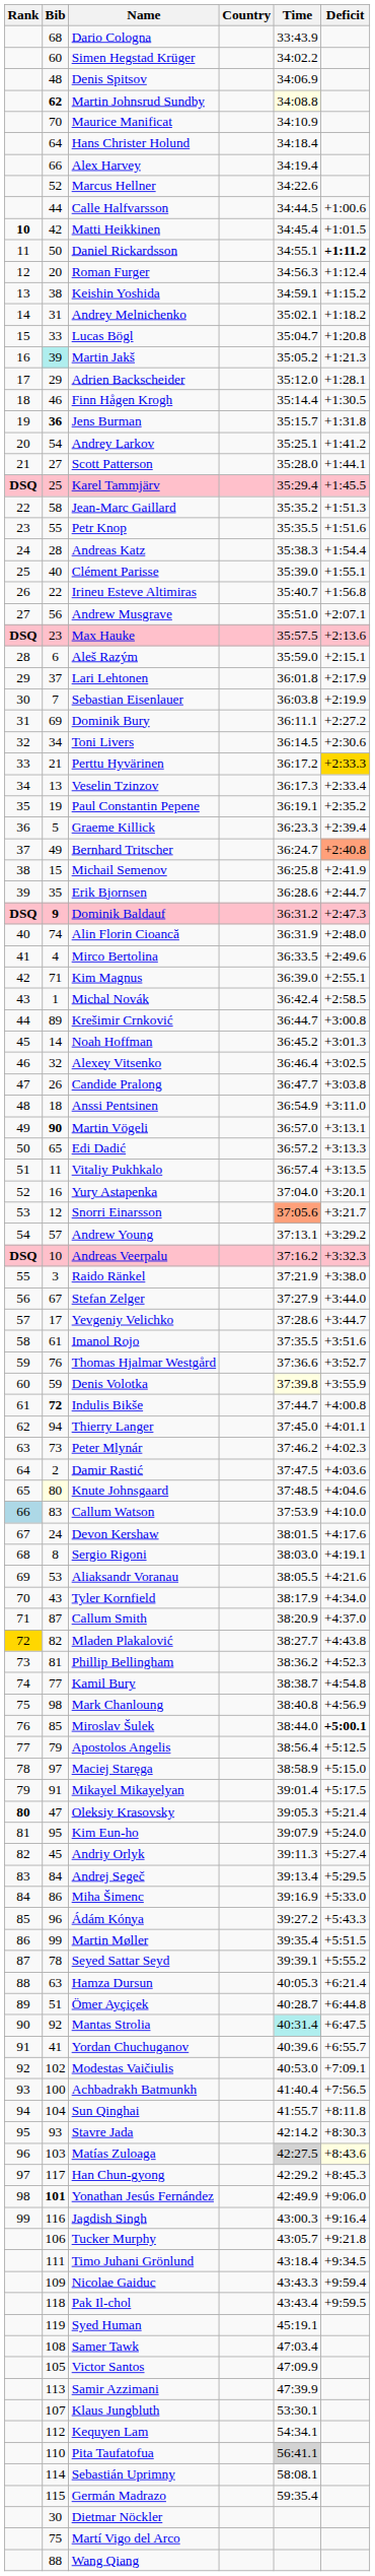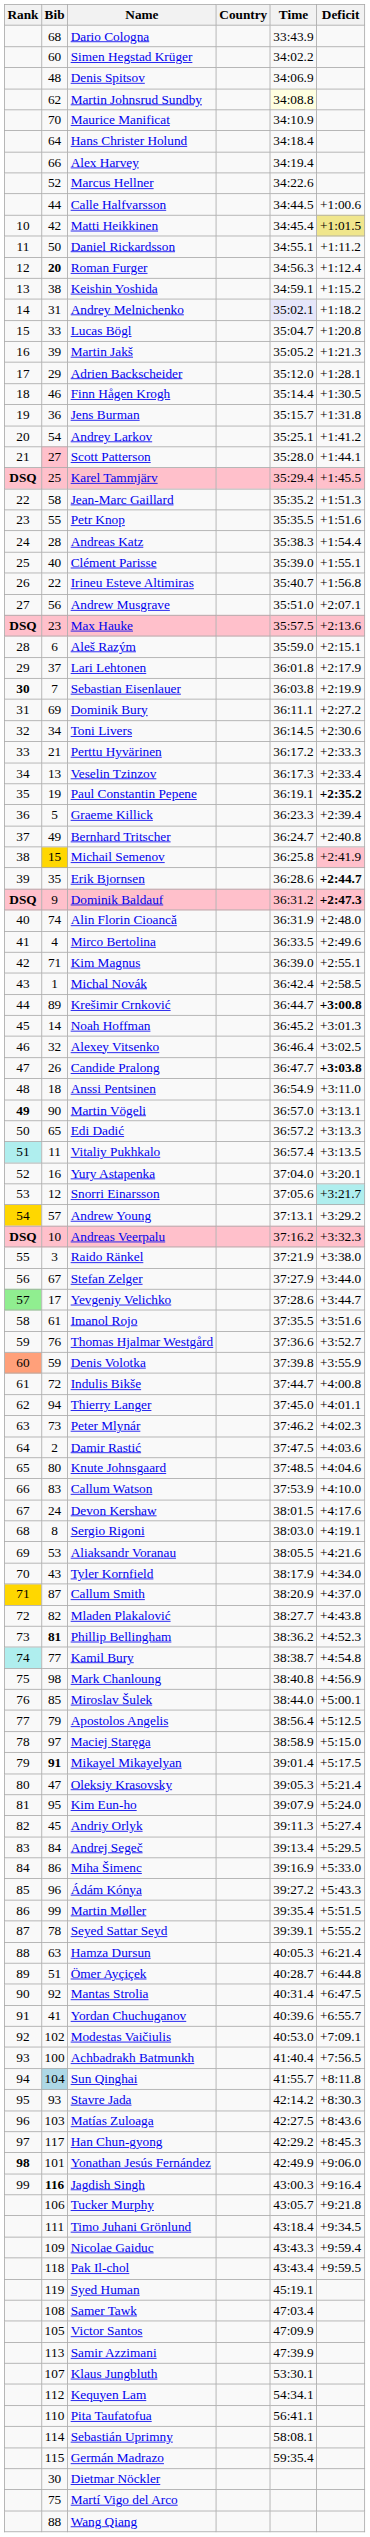 <table class="wikitable sortable" style="text-align:center">
 <tr>
 <th>Rank</th>
 <th>Bib</th>
 <th>Name</th>
 <th>Country</th>
 <th>Time</th>
 <th>Deficit</th>
 </tr>
 <tr>
 <td></td>
 <td>68</td>
 <td align="left"><a href='#'>Dario Cologna</a></td>
 <td align="left"></td>
 <td>33:43.9</td>
 <td></td>
 </tr>
 <tr>
 <td></td>
 <td>60</td>
 <td align="left"><a href='#'>Simen Hegstad Krüger</a></td>
 <td align="left"></td>
 <td>34:02.2</td>
 <td></td>
 </tr>
 <tr>
 <td></td>
 <td>48</td>
 <td align="left"><a href='#'>Denis Spitsov</a></td>
 <td align="left"></td>
 <td>34:06.9</td>
 <td></td>
 </tr>
 <tr>
 <td></td>
-<td><strong>62</strong></td>
+<td>62</td>
 <td align="left"><a href='#'>Martin Johnsrud Sundby</a></td>
 <td align="left"></td>
 <td style="background: lightyellow;">34:08.8</td>
 <td></td>
 </tr>
 <tr>
 <td></td>
 <td>70</td>
 <td align="left"><a href='#'>Maurice Manificat</a></td>
 <td align="left"></td>
 <td>34:10.9</td>
 <td></td>
 </tr>
 <tr>
 <td></td>
 <td>64</td>
 <td align="left"><a href='#'>Hans Christer Holund</a></td>
 <td align="left"></td>
 <td>34:18.4</td>
 <td></td>
 </tr>
 <tr>
 <td></td>
 <td>66</td>
 <td align="left"><a href='#'>Alex Harvey</a></td>
 <td align="left"></td>
 <td>34:19.4</td>
 <td></td>
 </tr>
 <tr>
 <td></td>
 <td>52</td>
 <td align="left"><a href='#'>Marcus Hellner</a></td>
 <td align="left"></td>
 <td>34:22.6</td>
 <td></td>
 </tr>
 <tr>
 <td></td>
 <td>44</td>
 <td align="left"><a href='#'>Calle Halfvarsson</a></td>
 <td align="left"></td>
 <td>34:44.5</td>
 <td>+1:00.6</td>
 </tr>
 <tr>
-<td><strong>10</strong></td>
+<td>10</td>
 <td>42</td>
 <td align="left"><a href='#'>Matti Heikkinen</a></td>
 <td align="left"></td>
 <td>34:45.4</td>
-<td>+1:01.5</td>
+<td style="background: khaki;">+1:01.5</td>
 </tr>
 <tr>
 <td>11</td>
 <td>50</td>
 <td align="left"><a href='#'>Daniel Rickardsson</a></td>
 <td align="left"></td>
 <td>34:55.1</td>
-<td><strong>+1:11.2</strong></td>
+<td>+1:11.2</td>
 </tr>
 <tr>
 <td>12</td>
-<td>20</td>
+<td><strong>20</strong></td>
 <td align="left"><a href='#'>Roman Furger</a></td>
 <td align="left"></td>
 <td>34:56.3</td>
 <td>+1:12.4</td>
 </tr>
 <tr>
 <td>13</td>
 <td>38</td>
 <td align="left"><a href='#'>Keishin Yoshida</a></td>
 <td align="left"></td>
 <td>34:59.1</td>
 <td>+1:15.2</td>
 </tr>
 <tr>
 <td>14</td>
 <td>31</td>
 <td align="left"><a href='#'>Andrey Melnichenko</a></td>
 <td align="left"></td>
-<td>35:02.1</td>
+<td style="background: lavender;">35:02.1</td>
 <td>+1:18.2</td>
 </tr>
 <tr>
 <td>15</td>
 <td>33</td>
 <td align="left"><a href='#'>Lucas Bögl</a></td>
 <td align="left"></td>
 <td>35:04.7</td>
 <td>+1:20.8</td>
 </tr>
 <tr>
 <td>16</td>
-<td style="background: paleturquoise;">39</td>
+<td>39</td>
 <td align="left"><a href='#'>Martin Jakš</a></td>
 <td align="left"></td>
 <td>35:05.2</td>
 <td>+1:21.3</td>
 </tr>
 <tr>
 <td>17</td>
 <td>29</td>
 <td align="left"><a href='#'>Adrien Backscheider</a></td>
 <td align="left"></td>
 <td>35:12.0</td>
 <td>+1:28.1</td>
 </tr>
 <tr>
 <td>18</td>
 <td>46</td>
 <td align="left"><a href='#'>Finn Hågen Krogh</a></td>
 <td align="left"></td>
 <td>35:14.4</td>
 <td>+1:30.5</td>
 </tr>
 <tr>
 <td>19</td>
-<td><strong>36</strong></td>
+<td>36</td>
 <td align="left"><a href='#'>Jens Burman</a></td>
 <td align="left"></td>
 <td>35:15.7</td>
 <td>+1:31.8</td>
 </tr>
 <tr>
 <td>20</td>
 <td>54</td>
 <td align="left"><a href='#'>Andrey Larkov</a></td>
 <td align="left"></td>
 <td>35:25.1</td>
 <td>+1:41.2</td>
 </tr>
 <tr>
 <td>21</td>
-<td>27</td>
+<td style="background: pink;">27</td>
 <td align="left"><a href='#'>Scott Patterson</a></td>
 <td align="left"></td>
 <td>35:28.0</td>
 <td>+1:44.1</td>
 </tr>
 <tr bgcolor=pink>
 <td><strong>DSQ</strong></td>
 <td>25</td>
 <td align="left"><a href='#'>Karel Tammjärv</a></td>
 <td align="left"></td>
 <td>35:29.4</td>
 <td>+1:45.5</td>
 </tr>
 <tr>
 <td>22</td>
 <td>58</td>
 <td align="left"><a href='#'>Jean-Marc Gaillard</a></td>
 <td align="left"></td>
 <td>35:35.2</td>
 <td>+1:51.3</td>
 </tr>
 <tr>
 <td>23</td>
 <td>55</td>
 <td align="left"><a href='#'>Petr Knop</a></td>
 <td align="left"></td>
 <td>35:35.5</td>
 <td>+1:51.6</td>
 </tr>
 <tr>
 <td>24</td>
 <td>28</td>
 <td align="left"><a href='#'>Andreas Katz</a></td>
 <td align="left"></td>
 <td>35:38.3</td>
 <td>+1:54.4</td>
 </tr>
 <tr>
 <td>25</td>
 <td>40</td>
 <td align="left"><a href='#'>Clément Parisse</a></td>
 <td align="left"></td>
 <td>35:39.0</td>
 <td>+1:55.1</td>
 </tr>
 <tr>
 <td>26</td>
 <td>22</td>
 <td align="left"><a href='#'>Irineu Esteve Altimiras</a></td>
 <td align="left"></td>
 <td>35:40.7</td>
 <td>+1:56.8</td>
 </tr>
 <tr>
 <td>27</td>
 <td>56</td>
 <td align="left"><a href='#'>Andrew Musgrave</a></td>
 <td align="left"></td>
 <td>35:51.0</td>
 <td>+2:07.1</td>
 </tr>
 <tr bgcolor=pink>
 <td><strong>DSQ</strong></td>
 <td>23</td>
 <td align="left"><a href='#'>Max Hauke</a></td>
 <td align="left"></td>
 <td>35:57.5</td>
 <td>+2:13.6</td>
 </tr>
 <tr>
 <td>28</td>
 <td>6</td>
 <td align="left"><a href='#'>Aleš Razým</a></td>
 <td align="left"></td>
 <td>35:59.0</td>
 <td>+2:15.1</td>
 </tr>
 <tr>
 <td>29</td>
 <td>37</td>
 <td align="left"><a href='#'>Lari Lehtonen</a></td>
 <td align="left"></td>
 <td>36:01.8</td>
 <td>+2:17.9</td>
 </tr>
 <tr>
-<td>30</td>
+<td><strong>30</strong></td>
 <td>7</td>
 <td align="left"><a href='#'>Sebastian Eisenlauer</a></td>
 <td align="left"></td>
 <td>36:03.8</td>
 <td>+2:19.9</td>
 </tr>
 <tr>
 <td>31</td>
 <td>69</td>
 <td align="left"><a href='#'>Dominik Bury</a></td>
 <td align="left"></td>
 <td>36:11.1</td>
 <td>+2:27.2</td>
 </tr>
 <tr>
 <td>32</td>
 <td>34</td>
 <td align="left"><a href='#'>Toni Livers</a></td>
 <td align="left"></td>
 <td>36:14.5</td>
 <td>+2:30.6</td>
 </tr>
 <tr>
 <td>33</td>
 <td>21</td>
 <td align="left"><a href='#'>Perttu Hyvärinen</a></td>
 <td align="left"></td>
 <td>36:17.2</td>
-<td style="background: gold;">+2:33.3</td>
+<td>+2:33.3</td>
 </tr>
 <tr>
 <td>34</td>
 <td>13</td>
 <td align="left"><a href='#'>Veselin Tzinzov</a></td>
 <td align="left"></td>
 <td>36:17.3</td>
 <td>+2:33.4</td>
 </tr>
 <tr>
 <td>35</td>
 <td>19</td>
 <td align="left"><a href='#'>Paul Constantin Pepene</a></td>
 <td align="left"></td>
 <td>36:19.1</td>
-<td>+2:35.2</td>
+<td><strong>+2:35.2</strong></td>
 </tr>
 <tr>
 <td>36</td>
 <td>5</td>
 <td align="left"><a href='#'>Graeme Killick</a></td>
 <td align="left"></td>
 <td>36:23.3</td>
 <td>+2:39.4</td>
 </tr>
 <tr>
 <td>37</td>
 <td>49</td>
 <td align="left"><a href='#'>Bernhard Tritscher</a></td>
 <td align="left"></td>
 <td>36:24.7</td>
-<td style="background: lightsalmon;">+2:40.8</td>
+<td>+2:40.8</td>
 </tr>
 <tr>
 <td>38</td>
-<td>15</td>
+<td style="background: gold;">15</td>
 <td align="left"><a href='#'>Michail Semenov</a></td>
 <td align="left"></td>
 <td>36:25.8</td>
-<td>+2:41.9</td>
+<td style="background: pink;">+2:41.9</td>
 </tr>
 <tr>
 <td>39</td>
 <td>35</td>
 <td align="left"><a href='#'>Erik Bjornsen</a></td>
 <td align="left"></td>
 <td>36:28.6</td>
-<td>+2:44.7</td>
+<td><strong>+2:44.7</strong></td>
 </tr>
 <tr bgcolor=pink>
 <td><strong>DSQ</strong></td>
-<td><strong>9</strong></td>
+<td>9</td>
 <td align="left"><a href='#'>Dominik Baldauf</a></td>
 <td align="left"></td>
 <td>36:31.2</td>
-<td>+2:47.3</td>
+<td><strong>+2:47.3</strong></td>
 </tr>
 <tr>
 <td>40</td>
 <td>74</td>
 <td align="left"><a href='#'>Alin Florin Cioancă</a></td>
 <td align="left"></td>
 <td>36:31.9</td>
 <td>+2:48.0</td>
 </tr>
 <tr>
 <td>41</td>
 <td>4</td>
 <td align="left"><a href='#'>Mirco Bertolina</a></td>
 <td align="left"></td>
 <td>36:33.5</td>
 <td>+2:49.6</td>
 </tr>
 <tr>
 <td>42</td>
 <td>71</td>
 <td align="left"><a href='#'>Kim Magnus</a></td>
 <td align="left"></td>
 <td>36:39.0</td>
 <td>+2:55.1</td>
 </tr>
 <tr>
 <td>43</td>
 <td>1</td>
 <td align="left"><a href='#'>Michal Novák</a></td>
 <td align="left"></td>
 <td>36:42.4</td>
 <td>+2:58.5</td>
 </tr>
 <tr>
 <td>44</td>
 <td>89</td>
 <td align="left"><a href='#'>Krešimir Crnković</a></td>
 <td align="left"></td>
 <td>36:44.7</td>
-<td>+3:00.8</td>
+<td><strong>+3:00.8</strong></td>
 </tr>
 <tr>
 <td>45</td>
 <td>14</td>
 <td align="left"><a href='#'>Noah Hoffman</a></td>
 <td align="left"></td>
 <td>36:45.2</td>
 <td>+3:01.3</td>
 </tr>
 <tr>
 <td>46</td>
 <td>32</td>
 <td align="left"><a href='#'>Alexey Vitsenko</a></td>
 <td align="left"></td>
 <td>36:46.4</td>
 <td>+3:02.5</td>
 </tr>
 <tr>
 <td>47</td>
 <td>26</td>
 <td align="left"><a href='#'>Candide Pralong</a></td>
 <td align="left"></td>
 <td>36:47.7</td>
-<td>+3:03.8</td>
+<td><strong>+3:03.8</strong></td>
 </tr>
 <tr>
 <td>48</td>
 <td>18</td>
 <td align="left"><a href='#'>Anssi Pentsinen</a></td>
 <td align="left"></td>
 <td>36:54.9</td>
 <td>+3:11.0</td>
 </tr>
 <tr>
-<td>49</td>
-<td><strong>90</strong></td>
+<td><strong>49</strong></td>
+<td>90</td>
 <td align="left"><a href='#'>Martin Vögeli</a></td>
 <td align="left"></td>
 <td>36:57.0</td>
 <td>+3:13.1</td>
 </tr>
 <tr>
 <td>50</td>
 <td>65</td>
 <td align="left"><a href='#'>Edi Dadić</a></td>
 <td align="left"></td>
 <td>36:57.2</td>
 <td>+3:13.3</td>
 </tr>
 <tr>
-<td>51</td>
+<td style="background: paleturquoise;">51</td>
 <td>11</td>
 <td align="left"><a href='#'>Vitaliy Pukhkalo</a></td>
 <td align="left"></td>
 <td>36:57.4</td>
 <td>+3:13.5</td>
 </tr>
 <tr>
 <td>52</td>
 <td>16</td>
 <td align="left"><a href='#'>Yury Astapenka</a></td>
 <td align="left"></td>
 <td>37:04.0</td>
 <td>+3:20.1</td>
 </tr>
 <tr>
 <td>53</td>
 <td>12</td>
 <td align="left"><a href='#'>Snorri Einarsson</a></td>
 <td align="left"></td>
-<td style="background: lightsalmon;">37:05.6</td>
-<td>+3:21.7</td>
+<td>37:05.6</td>
+<td style="background: paleturquoise;">+3:21.7</td>
 </tr>
 <tr>
-<td>54</td>
+<td style="background: gold;">54</td>
 <td>57</td>
 <td align="left"><a href='#'>Andrew Young</a></td>
 <td align="left"></td>
 <td>37:13.1</td>
 <td>+3:29.2</td>
 </tr>
 <tr bgcolor=pink>
 <td><strong>DSQ</strong></td>
 <td>10</td>
 <td align="left"><a href='#'>Andreas Veerpalu</a></td>
 <td align="left"></td>
 <td>37:16.2</td>
 <td>+3:32.3</td>
 </tr>
 <tr>
 <td>55</td>
 <td>3</td>
 <td align="left"><a href='#'>Raido Ränkel</a></td>
 <td align="left"></td>
 <td>37:21.9</td>
 <td>+3:38.0</td>
 </tr>
 <tr>
 <td>56</td>
 <td>67</td>
 <td align="left"><a href='#'>Stefan Zelger</a></td>
 <td align="left"></td>
 <td>37:27.9</td>
 <td>+3:44.0</td>
 </tr>
 <tr>
-<td>57</td>
+<td style="background: lightgreen;">57</td>
 <td>17</td>
 <td align="left"><a href='#'>Yevgeniy Velichko</a></td>
 <td align="left"></td>
 <td>37:28.6</td>
 <td>+3:44.7</td>
 </tr>
 <tr>
 <td>58</td>
 <td>61</td>
 <td align="left"><a href='#'>Imanol Rojo</a></td>
 <td align="left"></td>
 <td>37:35.5</td>
 <td>+3:51.6</td>
 </tr>
 <tr>
 <td>59</td>
 <td>76</td>
 <td align="left"><a href='#'>Thomas Hjalmar Westgård</a></td>
 <td align="left"></td>
 <td>37:36.6</td>
 <td>+3:52.7</td>
 </tr>
 <tr>
-<td>60</td>
+<td style="background: lightsalmon;">60</td>
 <td>59</td>
 <td align="left"><a href='#'>Denis Volotka</a></td>
 <td align="left"></td>
-<td style="background: lightyellow;">37:39.8</td>
+<td>37:39.8</td>
 <td>+3:55.9</td>
 </tr>
 <tr>
 <td>61</td>
-<td><strong>72</strong></td>
+<td>72</td>
 <td align="left"><a href='#'>Indulis Bikše</a></td>
 <td align="left"></td>
 <td>37:44.7</td>
 <td>+4:00.8</td>
 </tr>
 <tr>
 <td>62</td>
 <td>94</td>
 <td align="left"><a href='#'>Thierry Langer</a></td>
 <td align="left"></td>
 <td>37:45.0</td>
 <td>+4:01.1</td>
 </tr>
 <tr>
 <td>63</td>
 <td>73</td>
 <td align="left"><a href='#'>Peter Mlynár</a></td>
 <td align="left"></td>
 <td>37:46.2</td>
 <td>+4:02.3</td>
 </tr>
 <tr>
 <td>64</td>
 <td>2</td>
 <td align="left"><a href='#'>Damir Rastić</a></td>
 <td align="left"></td>
 <td>37:47.5</td>
 <td>+4:03.6</td>
 </tr>
 <tr>
 <td>65</td>
-<td style="background: lightyellow;">80</td>
+<td>80</td>
 <td align="left"><a href='#'>Knute Johnsgaard</a></td>
 <td align="left"></td>
 <td>37:48.5</td>
 <td>+4:04.6</td>
 </tr>
 <tr>
-<td style="background: lightblue;">66</td>
+<td>66</td>
 <td>83</td>
 <td align="left"><a href='#'>Callum Watson</a></td>
 <td align="left"></td>
 <td>37:53.9</td>
 <td>+4:10.0</td>
 </tr>
 <tr>
 <td>67</td>
 <td>24</td>
 <td align="left"><a href='#'>Devon Kershaw</a></td>
 <td align="left"></td>
 <td>38:01.5</td>
 <td>+4:17.6</td>
 </tr>
 <tr>
 <td>68</td>
 <td>8</td>
 <td align="left"><a href='#'>Sergio Rigoni</a></td>
 <td align="left"></td>
 <td>38:03.0</td>
 <td>+4:19.1</td>
 </tr>
 <tr>
 <td>69</td>
 <td>53</td>
 <td align="left"><a href='#'>Aliaksandr Voranau</a></td>
 <td align="left"></td>
 <td>38:05.5</td>
 <td>+4:21.6</td>
 </tr>
 <tr>
 <td>70</td>
 <td>43</td>
 <td align="left"><a href='#'>Tyler Kornfield</a></td>
 <td align="left"></td>
 <td>38:17.9</td>
 <td>+4:34.0</td>
 </tr>
 <tr>
-<td>71</td>
+<td style="background: gold;">71</td>
 <td>87</td>
 <td align="left"><a href='#'>Callum Smith</a></td>
 <td align="left"></td>
 <td>38:20.9</td>
 <td>+4:37.0</td>
 </tr>
 <tr>
-<td style="background: gold;">72</td>
+<td>72</td>
 <td>82</td>
 <td align="left"><a href='#'>Mladen Plakalović</a></td>
 <td align="left"></td>
 <td>38:27.7</td>
 <td>+4:43.8</td>
 </tr>
 <tr>
 <td>73</td>
-<td>81</td>
+<td><strong>81</strong></td>
 <td align="left"><a href='#'>Phillip Bellingham</a></td>
 <td align="left"></td>
 <td>38:36.2</td>
 <td>+4:52.3</td>
 </tr>
 <tr>
-<td>74</td>
+<td style="background: paleturquoise;">74</td>
 <td>77</td>
 <td align="left"><a href='#'>Kamil Bury</a></td>
 <td align="left"></td>
 <td>38:38.7</td>
 <td>+4:54.8</td>
 </tr>
 <tr>
 <td>75</td>
 <td>98</td>
 <td align="left"><a href='#'>Mark Chanloung</a></td>
 <td align="left"></td>
 <td>38:40.8</td>
 <td>+4:56.9</td>
 </tr>
 <tr>
 <td>76</td>
 <td>85</td>
 <td align="left"><a href='#'>Miroslav Šulek</a></td>
 <td align="left"></td>
 <td>38:44.0</td>
-<td><strong>+5:00.1</strong></td>
+<td>+5:00.1</td>
 </tr>
 <tr>
 <td>77</td>
 <td>79</td>
 <td align="left"><a href='#'>Apostolos Angelis</a></td>
 <td align="left"></td>
 <td>38:56.4</td>
 <td>+5:12.5</td>
 </tr>
 <tr>
 <td>78</td>
 <td>97</td>
 <td align="left"><a href='#'>Maciej Staręga</a></td>
 <td align="left"></td>
 <td>38:58.9</td>
 <td>+5:15.0</td>
 </tr>
 <tr>
 <td>79</td>
-<td>91</td>
+<td><strong>91</strong></td>
 <td align="left"><a href='#'>Mikayel Mikayelyan</a></td>
 <td align="left"></td>
 <td>39:01.4</td>
 <td>+5:17.5</td>
 </tr>
 <tr>
-<td><strong>80</strong></td>
+<td>80</td>
 <td>47</td>
 <td align="left"><a href='#'>Oleksiy Krasovsky</a></td>
 <td align="left"></td>
 <td>39:05.3</td>
 <td>+5:21.4</td>
 </tr>
 <tr>
 <td>81</td>
 <td>95</td>
 <td align="left"><a href='#'>Kim Eun-ho</a></td>
 <td align="left"></td>
 <td>39:07.9</td>
 <td>+5:24.0</td>
 </tr>
 <tr>
 <td>82</td>
 <td>45</td>
 <td align="left"><a href='#'>Andriy Orlyk</a></td>
 <td align="left"></td>
 <td>39:11.3</td>
 <td>+5:27.4</td>
 </tr>
 <tr>
 <td>83</td>
 <td>84</td>
 <td align="left"><a href='#'>Andrej Segeč</a></td>
 <td align="left"></td>
 <td>39:13.4</td>
 <td>+5:29.5</td>
 </tr>
 <tr>
 <td>84</td>
 <td>86</td>
 <td align="left"><a href='#'>Miha Šimenc</a></td>
 <td align="left"></td>
 <td>39:16.9</td>
 <td>+5:33.0</td>
 </tr>
 <tr>
 <td>85</td>
 <td>96</td>
 <td align="left"><a href='#'>Ádám Kónya</a></td>
 <td align="left"></td>
 <td>39:27.2</td>
 <td>+5:43.3</td>
 </tr>
 <tr>
 <td>86</td>
 <td>99</td>
 <td align="left"><a href='#'>Martin Møller</a></td>
 <td align="left"></td>
 <td>39:35.4</td>
 <td>+5:51.5</td>
 </tr>
 <tr>
 <td>87</td>
 <td>78</td>
 <td align="left"><a href='#'>Seyed Sattar Seyd</a></td>
 <td align="left"></td>
 <td>39:39.1</td>
 <td>+5:55.2</td>
 </tr>
 <tr>
 <td>88</td>
 <td>63</td>
 <td align="left"><a href='#'>Hamza Dursun</a></td>
 <td align="left"></td>
 <td>40:05.3</td>
 <td>+6:21.4</td>
 </tr>
 <tr>
 <td>89</td>
 <td>51</td>
 <td align="left"><a href='#'>Ömer Ayçiçek</a></td>
 <td align="left"></td>
 <td>40:28.7</td>
 <td>+6:44.8</td>
 </tr>
 <tr>
 <td>90</td>
 <td>92</td>
 <td align="left"><a href='#'>Mantas Strolia</a></td>
 <td align="left"></td>
-<td style="background: paleturquoise;">40:31.4</td>
+<td>40:31.4</td>
 <td>+6:47.5</td>
 </tr>
 <tr>
 <td>91</td>
 <td>41</td>
 <td align="left"><a href='#'>Yordan Chuchuganov</a></td>
 <td align="left"></td>
 <td>40:39.6</td>
 <td>+6:55.7</td>
 </tr>
 <tr>
 <td>92</td>
 <td>102</td>
 <td align="left"><a href='#'>Modestas Vaičiulis</a></td>
 <td align="left"></td>
 <td>40:53.0</td>
 <td>+7:09.1</td>
 </tr>
 <tr>
 <td>93</td>
 <td>100</td>
 <td align="left"><a href='#'>Achbadrakh Batmunkh</a></td>
 <td align="left"></td>
 <td>41:40.4</td>
 <td>+7:56.5</td>
 </tr>
 <tr>
 <td>94</td>
-<td>104</td>
+<td style="background: lightblue;">104</td>
 <td align="left"><a href='#'>Sun Qinghai</a></td>
 <td align="left"></td>
 <td>41:55.7</td>
 <td>+8:11.8</td>
 </tr>
 <tr>
 <td>95</td>
 <td>93</td>
 <td align="left"><a href='#'>Stavre Jada</a></td>
 <td align="left"></td>
 <td>42:14.2</td>
 <td>+8:30.3</td>
 </tr>
 <tr>
 <td>96</td>
 <td>103</td>
 <td align="left"><a href='#'>Matías Zuloaga</a></td>
 <td align="left"></td>
-<td style="background: lightgrey;">42:27.5</td>
-<td style="background: lightyellow;">+8:43.6</td>
+<td>42:27.5</td>
+<td>+8:43.6</td>
 </tr>
 <tr>
 <td>97</td>
 <td>117</td>
 <td align="left"><a href='#'>Han Chun-gyong</a></td>
 <td align="left"></td>
 <td>42:29.2</td>
 <td>+8:45.3</td>
 </tr>
 <tr>
-<td>98</td>
-<td><strong>101</strong></td>
+<td><strong>98</strong></td>
+<td>101</td>
 <td align="left"><a href='#'>Yonathan Jesús Fernández</a></td>
 <td align="left"></td>
 <td>42:49.9</td>
 <td>+9:06.0</td>
 </tr>
 <tr>
 <td>99</td>
-<td>116</td>
+<td><strong>116</strong></td>
 <td align="left"><a href='#'>Jagdish Singh</a></td>
 <td align="left"></td>
 <td>43:00.3</td>
 <td>+9:16.4</td>
 </tr>
 <tr>
 <td></td>
 <td>106</td>
 <td align="left"><a href='#'>Tucker Murphy</a></td>
 <td align="left"></td>
 <td>43:05.7</td>
 <td>+9:21.8</td>
 </tr>
 <tr>
 <td></td>
 <td>111</td>
 <td align="left"><a href='#'>Timo Juhani Grönlund</a></td>
 <td align="left"></td>
 <td>43:18.4</td>
 <td>+9:34.5</td>
 </tr>
 <tr>
 <td></td>
 <td>109</td>
 <td align="left"><a href='#'>Nicolae Gaiduc</a></td>
 <td align="left"></td>
 <td>43:43.3</td>
 <td>+9:59.4</td>
 </tr>
 <tr>
 <td></td>
 <td>118</td>
 <td align="left"><a href='#'>Pak Il-chol</a></td>
 <td align="left"></td>
 <td>43:43.4</td>
 <td>+9:59.5</td>
 </tr>
 <tr>
 <td></td>
 <td>119</td>
 <td align="left"><a href='#'>Syed Human</a></td>
 <td align="left"></td>
 <td>45:19.1</td>
 <td></td>
 </tr>
 <tr>
 <td></td>
 <td>108</td>
 <td align="left"><a href='#'>Samer Tawk</a></td>
 <td align="left"></td>
 <td>47:03.4</td>
 <td></td>
 </tr>
 <tr>
 <td></td>
 <td>105</td>
 <td align="left"><a href='#'>Victor Santos</a></td>
 <td align="left"></td>
 <td>47:09.9</td>
 <td></td>
 </tr>
 <tr>
 <td></td>
 <td>113</td>
 <td align="left"><a href='#'>Samir Azzimani</a></td>
 <td align="left"></td>
 <td>47:39.9</td>
 <td></td>
 </tr>
 <tr>
 <td></td>
 <td>107</td>
 <td align="left"><a href='#'>Klaus Jungbluth</a></td>
 <td align="left"></td>
 <td>53:30.1</td>
 <td></td>
 </tr>
 <tr>
 <td></td>
 <td>112</td>
 <td align="left"><a href='#'>Kequyen Lam</a></td>
 <td align="left"></td>
 <td>54:34.1</td>
 <td></td>
 </tr>
 <tr>
 <td></td>
 <td>110</td>
 <td align="left"><a href='#'>Pita Taufatofua</a></td>
 <td align="left"></td>
-<td style="background: lightgrey;">56:41.1</td>
+<td>56:41.1</td>
 <td></td>
 </tr>
 <tr>
 <td></td>
 <td>114</td>
 <td align="left"><a href='#'>Sebastián Uprimny</a></td>
 <td align="left"></td>
 <td>58:08.1</td>
 <td></td>
 </tr>
 <tr>
 <td></td>
 <td>115</td>
 <td align="left"><a href='#'>Germán Madrazo</a></td>
 <td align="left"></td>
 <td>59:35.4</td>
 <td></td>
 </tr>
 <tr>
 <td></td>
 <td>30</td>
 <td align="left"><a href='#'>Dietmar Nöckler</a></td>
 <td align="left"></td>
 <td></td>
 <td></td>
 </tr>
 <tr>
 <td></td>
 <td>75</td>
 <td align="left"><a href='#'>Martí Vigo del Arco</a></td>
 <td align="left"></td>
 <td></td>
 <td></td>
 </tr>
 <tr>
 <td></td>
 <td>88</td>
 <td align="left"><a href='#'>Wang Qiang</a></td>
 <td align="left"></td>
 <td></td>
 <td></td>
 </tr>
 </table>
